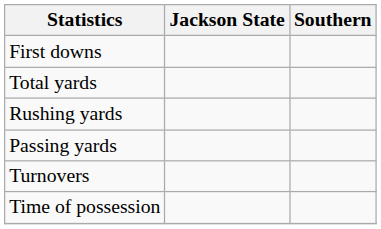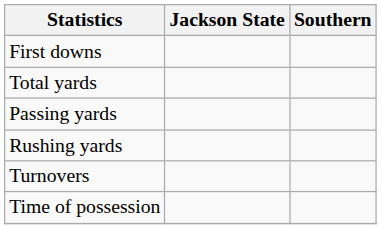 <table class="wikitable">
 <tr>
 <th>Statistics</th>
 <th>Jackson State</th>
 <th>Southern</th>
 </tr>
 <tr>
 <td>First downs</td>
 <td> </td>
 <td> </td>
 </tr>
 <tr>
 <td>Total yards</td>
 <td> </td>
 <td> </td>
 </tr>
 <tr>
-<td>Rushing yards</td>
+<td>Passing yards</td>
 <td> </td>
 <td> </td>
 </tr>
 <tr>
-<td>Passing yards</td>
+<td>Rushing yards</td>
 <td> </td>
 <td> </td>
 </tr>
 <tr>
 <td>Turnovers</td>
 <td> </td>
 <td> </td>
 </tr>
 <tr>
 <td>Time of possession</td>
 <td> </td>
 <td> </td>
 </tr>
 <tr>
 </tr>
 </table>
